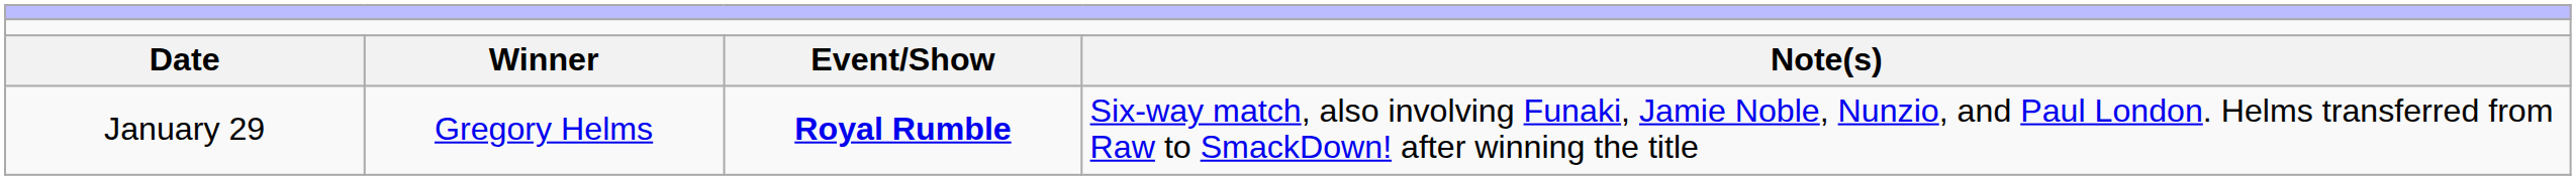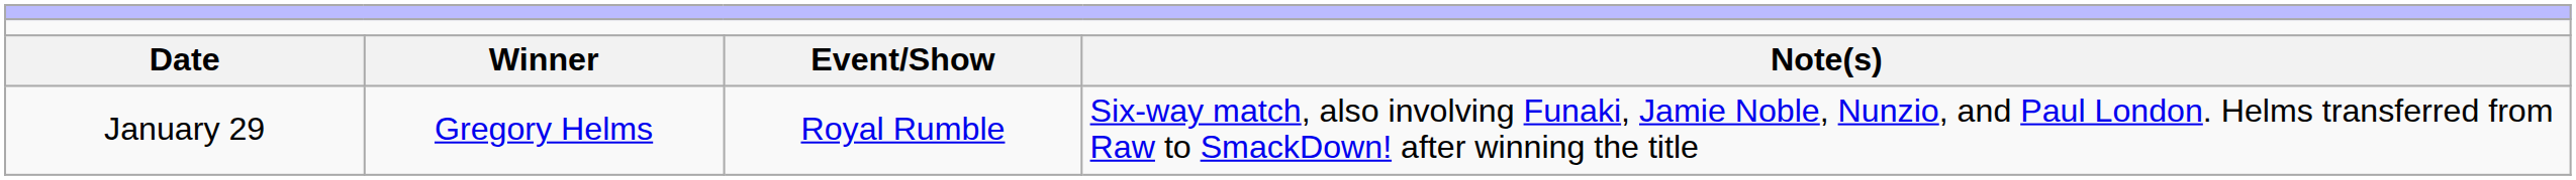 <table class="wikitable" style="text-align:center; width:100%;">
 <tr style="background:#BBF;">
 <td colspan="5"></td>
 </tr>
 <tr>
 <td colspan="5"><strong></strong></td>
 </tr>
 <tr>
 <th width=14%>Date</th>
 <th width=14%>Winner</th>
 <th width=14%>Event/Show</th>
 <th width=58%>Note(s)</th>
 </tr>
 <tr>
 <td>January 29</td>
 <td><a href='#'>Gregory Helms</a></td>
-<td><strong><a href='#'>Royal Rumble</a></strong></td>
+<td><a href='#'>Royal Rumble</a></td>
 <td align=left><a href='#'>Six-way match</a>, also involving <a href='#'>Funaki</a>, <a href='#'>Jamie Noble</a>, <a href='#'>Nunzio</a>, and <a href='#'>Paul London</a>. Helms transferred from <a href='#'>Raw</a> to <a href='#'>SmackDown!</a> after winning the title</td>
 </tr>
 </table>
